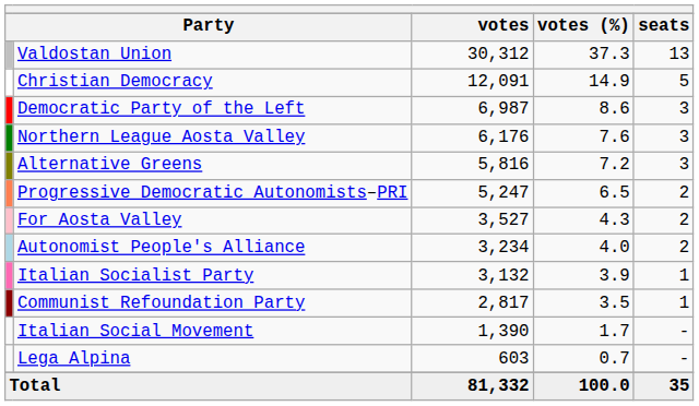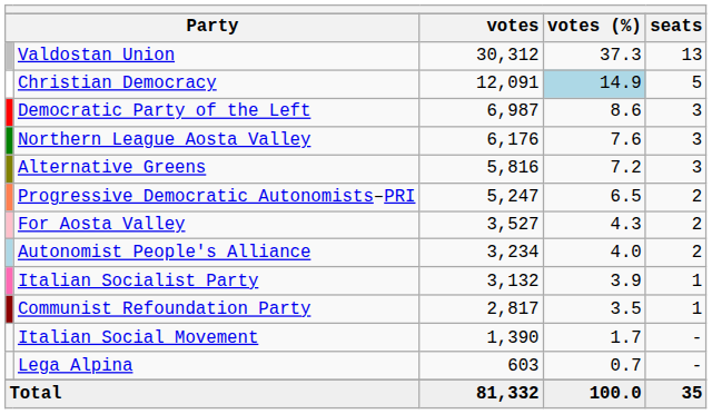 <table class="wikitable" style="font-size:95%">
 <tr>
 <th colspan=5></th>
 </tr>
 <tr>
 </tr>
 <tr bgcolor="EFEFEF">
 <th Colspan=2>Party</th>
 <th>      votes</th>
 <th>votes (%)</th>
 <th>seats</th>
 </tr>
 <tr>
 <td bgcolor=Silver></td>
 <td><a href='#'>Valdostan Union</a></td>
 <td align=right>30,312</td>
 <td align=right>37.3</td>
 <td align=right>13</td>
 </tr>
 <tr>
 <td bgcolor=White></td>
 <td><a href='#'>Christian Democracy</a></td>
 <td align=right>12,091</td>
-<td align=right>14.9</td>
+<td align=right style="background: lightblue;">14.9</td>
 <td align=right>5</td>
 </tr>
 <tr>
 <td bgcolor=Red></td>
 <td><a href='#'>Democratic Party of the Left</a></td>
 <td align=right>6,987</td>
 <td align=right>8.6</td>
 <td align=right>3</td>
 </tr>
 <tr>
 <td bgcolor=Green></td>
 <td><a href='#'>Northern League Aosta Valley</a></td>
 <td align=right>6,176</td>
 <td align=right>7.6</td>
 <td align=right>3</td>
 </tr>
 <tr>
 <td bgcolor=Olive></td>
 <td><a href='#'>Alternative Greens</a></td>
 <td align=right>5,816</td>
 <td align=right>7.2</td>
 <td align=right>3</td>
 </tr>
 <tr>
 <td bgcolor=Coral></td>
 <td><a href='#'>Progressive Democratic Autonomists</a>–<a href='#'>PRI</a></td>
 <td align=right>5,247</td>
 <td align=right>6.5</td>
 <td align=right>2</td>
 </tr>
 <tr>
 <td bgcolor=Pink></td>
 <td><a href='#'>For Aosta Valley</a></td>
 <td align=right>3,527</td>
 <td align=right>4.3</td>
 <td align=right>2</td>
 </tr>
 <tr>
 <td bgcolor=Lightblue></td>
 <td><a href='#'>Autonomist People's Alliance</a></td>
 <td align=right>3,234</td>
 <td align=right>4.0</td>
 <td align=right>2</td>
 </tr>
 <tr>
 <td bgcolor=Hotpink></td>
 <td><a href='#'>Italian Socialist Party</a></td>
 <td align=right>3,132</td>
 <td align=right>3.9</td>
 <td align=right>1</td>
 </tr>
 <tr>
 <td bgcolor=Darkred></td>
 <td><a href='#'>Communist Refoundation Party</a></td>
 <td align=right>2,817</td>
 <td align=right>3.5</td>
 <td align=right>1</td>
 </tr>
 <tr>
 <td bgcolor=></td>
 <td><a href='#'>Italian Social Movement</a></td>
 <td align=right>1,390</td>
 <td align=right>1.7</td>
 <td align=right>-</td>
 </tr>
 <tr>
 <td bgcolor=></td>
 <td><a href='#'>Lega Alpina</a></td>
 <td align=right>603</td>
 <td align=right>0.7</td>
 <td align=right>-</td>
 </tr>
 <tr>
 </tr>
 <tr bgcolor="EFEFEF">
 <td colspan=2><strong>Total</strong></td>
 <td align=right><strong>81,332</strong></td>
 <td align=right><strong>100.0</strong></td>
 <td align=right><strong>35</strong></td>
 </tr>
 </table>
